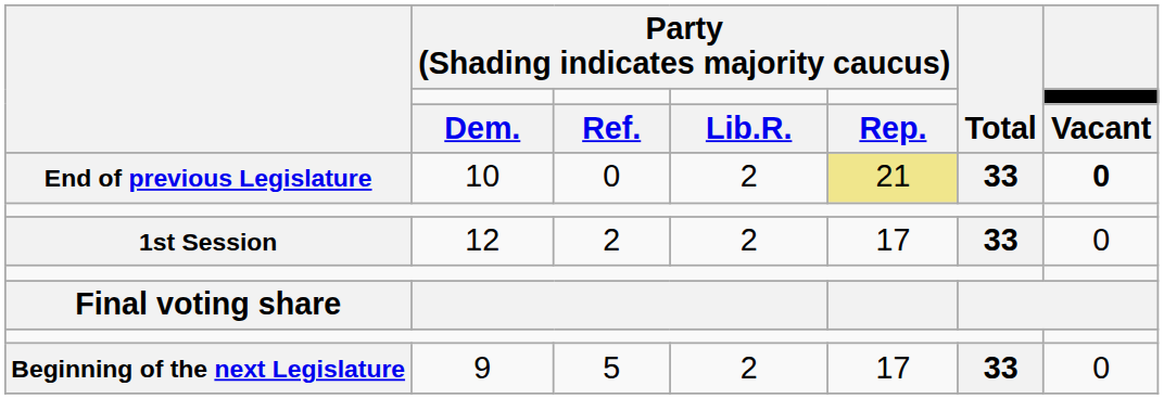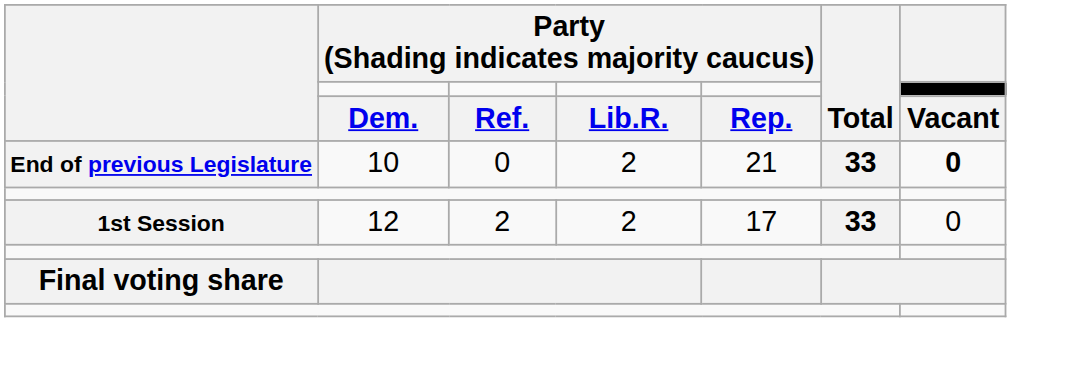 <table class=wikitable style="text-align:center">
 <tr style="vertical-align:bottom;">
 <th rowspan=3></th>
 <th colspan=4>Party <div>(Shading indicates majority caucus)</div></th>
 <th rowspan=3>Total</th>
 <th></th>
 </tr>
 <tr style="height:5px">
 <td style="background-color:"></td>
 <td style="background-color:"></td>
 <td style="background-color:"></td>
 <td style="background-color:"></td>
 <td style="background:black;"></td>
 </tr>
 <tr>
 <th><a href='#'>Dem.</a></th>
 <th><a href='#'>Ref.</a></th>
 <th><a href='#'>Lib.R.</a></th>
 <th><a href='#'>Rep.</a></th>
 <th>Vacant</th>
 </tr>
 <tr>
 <th style="font-size:80%;">End of <a href='#'>previous Legislature</a></th>
 <td>10</td>
 <td>0</td>
 <td>2</td>
-<td style="background: khaki;">21</td>
+<td>21</td>
 <th>33</th>
 <td><strong>0</strong></td>
 </tr>
 <tr>
 <td colspan=6></td>
 </tr>
 <tr>
 <th style="font-size:80%;">1st Session</th>
 <td>12</td>
 <td>2</td>
 <td>2</td>
 <td>17</td>
 <th>33</th>
 <td>0</td>
 </tr>
 <tr>
 <td colspan=6></td>
 </tr>
 <tr>
 <th>Final voting share</th>
 <th colspan=3></th>
 <th></th>
 <th colspan=2></th>
 </tr>
 <tr>
 <td colspan=6></td>
 </tr>
-<tr>
-<th style="font-size:80%;">Beginning of the <a href='#'>next Legislature</a></th>
-<td>9</td>
-<td>5</td>
-<td>2</td>
-<td>17</td>
-<th>33</th>
-<td>0</td>
-</tr>
 </table>
